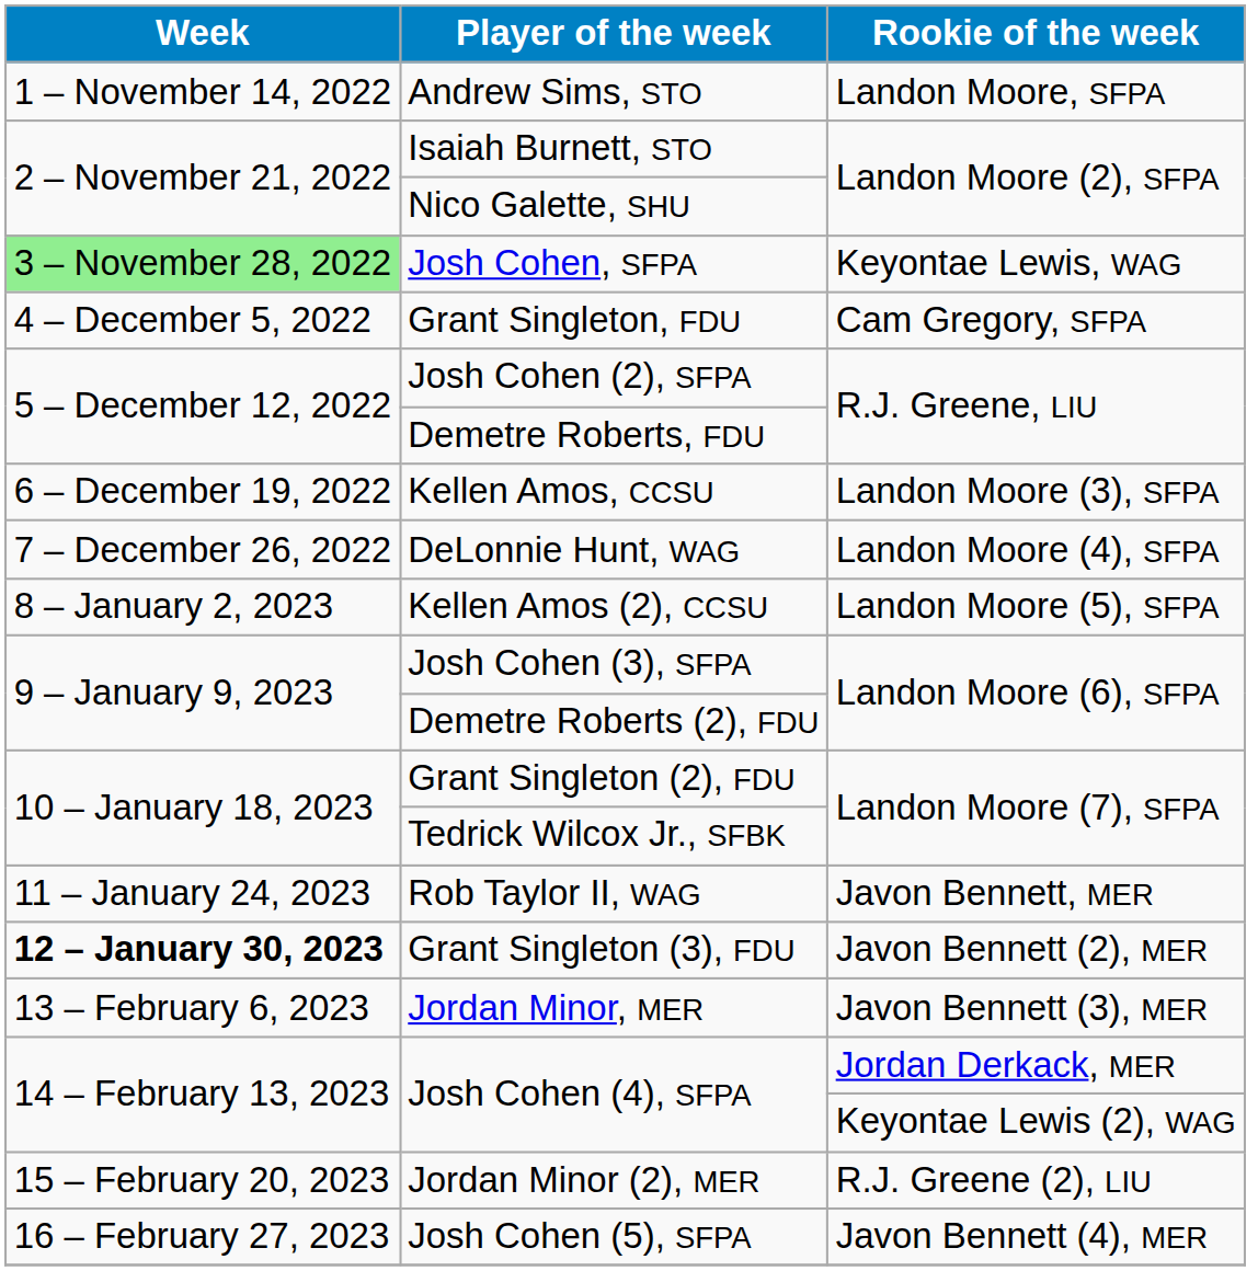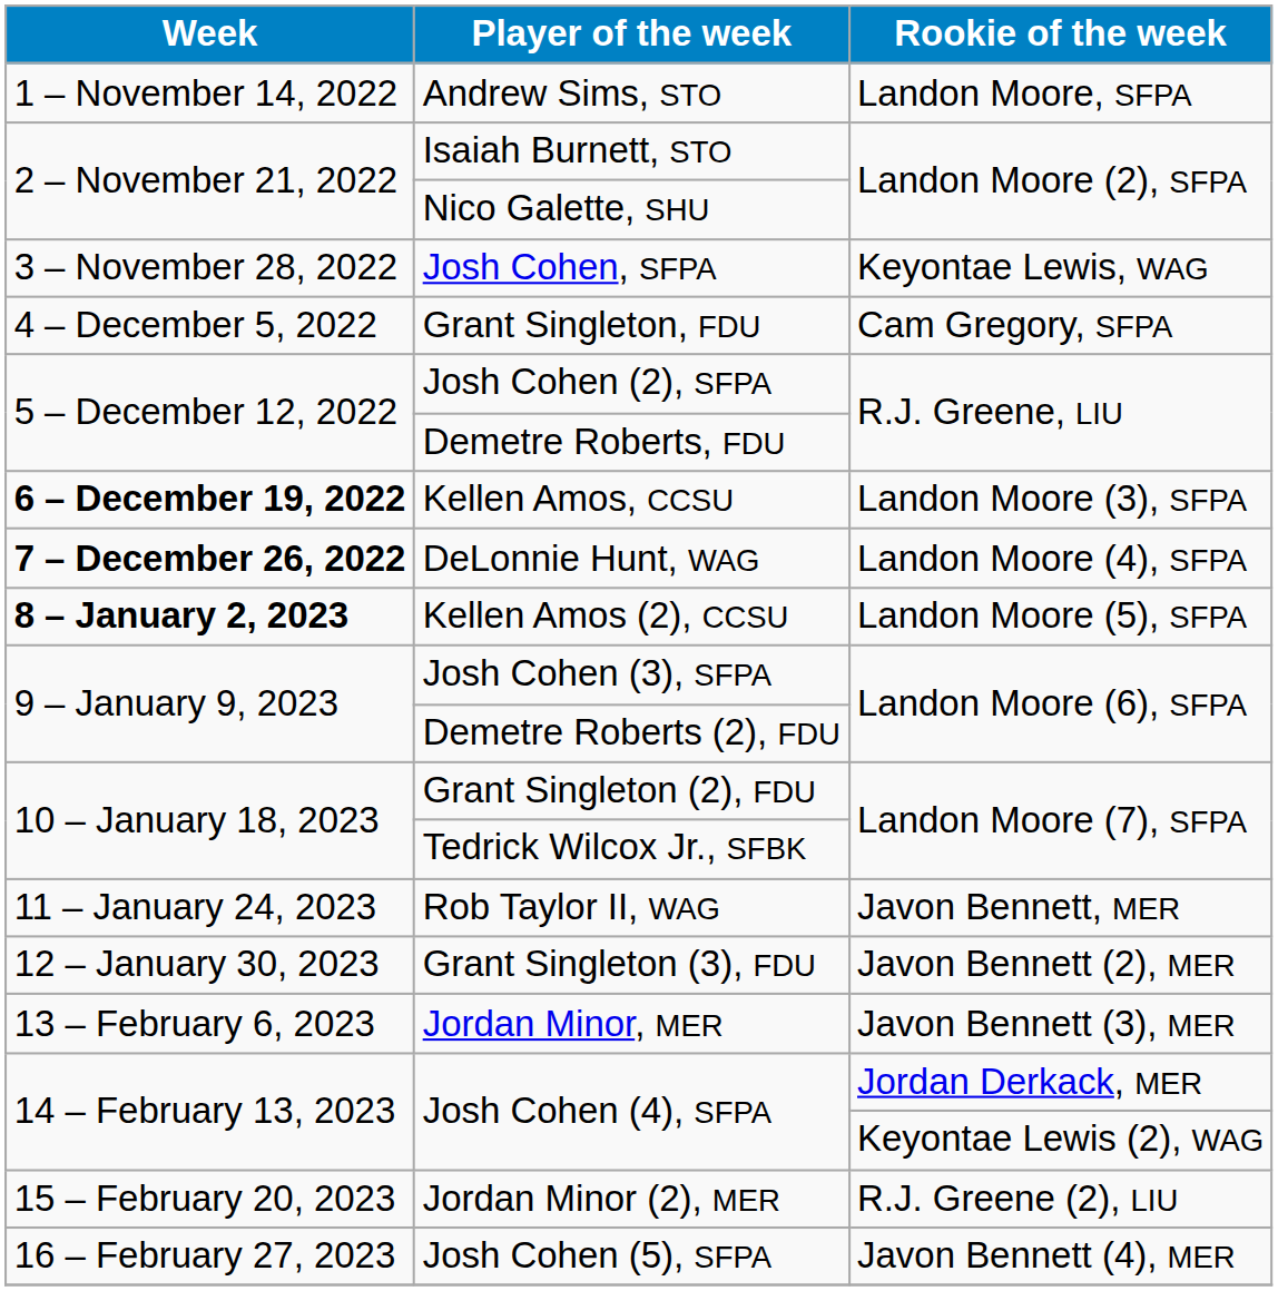 <table class="wikitable" border="1">
 <tr>
 <th align="center" style="background:#0081C4; color:#FFFFFF;">Week</th>
 <th align="center" style="background:#0081C4; color:#FFFFFF;">Player of the week</th>
 <th align="center" style="background:#0081C4; color:#FFFFFF;">Rookie of the week</th>
 </tr>
 <tr>
 <td>1 – November 14, 2022</td>
 <td>Andrew Sims, <small>STO</small></td>
 <td>Landon Moore, <small>SFPA</small></td>
 </tr>
 <tr>
 <td rowspan=2>2 – November 21, 2022</td>
 <td>Isaiah Burnett, <small>STO</small></td>
 <td rowspan=2>Landon Moore (2), <small>SFPA</small></td>
 </tr>
 <tr>
 <td>Nico Galette, <small>SHU</small></td>
 </tr>
 <tr>
-<td style="background: lightgreen;">3 – November 28, 2022</td>
+<td>3 – November 28, 2022</td>
 <td><a href='#'>Josh Cohen</a>, <small>SFPA</small></td>
 <td>Keyontae Lewis, <small>WAG</small></td>
 </tr>
 <tr>
 <td>4 – December 5, 2022</td>
 <td>Grant Singleton, <small>FDU</small></td>
 <td>Cam Gregory, <small>SFPA</small><br></td>
 </tr>
 <tr>
 <td rowspan=2>5 – December 12, 2022</td>
 <td>Josh Cohen (2), <small>SFPA</small></td>
 <td rowspan=2>R.J. Greene, <small>LIU</small></td>
 </tr>
 <tr>
 <td>Demetre Roberts, <small>FDU</small></td>
 </tr>
 <tr>
-<td>6 – December 19, 2022</td>
+<td><strong>6 – December 19, 2022</strong></td>
 <td>Kellen Amos, <small>CCSU</small></td>
 <td>Landon Moore (3), <small>SFPA</small></td>
 </tr>
 <tr>
-<td>7 – December 26, 2022</td>
+<td><strong>7 – December 26, 2022</strong></td>
 <td>DeLonnie Hunt, <small>WAG</small></td>
 <td>Landon Moore (4), <small>SFPA</small></td>
 </tr>
 <tr>
-<td>8 – January 2, 2023</td>
+<td><strong>8 – January 2, 2023</strong></td>
 <td>Kellen Amos (2), <small>CCSU</small></td>
 <td>Landon Moore (5), <small>SFPA</small></td>
 </tr>
 <tr>
 <td rowspan=2>9 – January 9, 2023</td>
 <td>Josh Cohen (3), <small>SFPA</small></td>
 <td rowspan=2>Landon Moore (6), <small>SFPA</small></td>
 </tr>
 <tr>
 <td>Demetre Roberts (2), <small>FDU</small></td>
 </tr>
 <tr>
 <td rowspan=2>10 – January 18, 2023</td>
 <td>Grant Singleton (2), <small>FDU</small></td>
 <td rowspan=2>Landon Moore (7), <small>SFPA</small></td>
 </tr>
 <tr>
 <td>Tedrick Wilcox Jr., <small>SFBK</small></td>
 </tr>
 <tr>
 <td>11 – January 24, 2023</td>
 <td>Rob Taylor II, <small>WAG</small></td>
 <td>Javon Bennett, <small>MER</small></td>
 </tr>
 <tr>
-<td><strong>12 – January 30, 2023</strong></td>
+<td>12 – January 30, 2023</td>
 <td>Grant Singleton (3), <small>FDU</small></td>
 <td>Javon Bennett (2), <small>MER</small></td>
 </tr>
 <tr>
 <td>13 – February 6, 2023</td>
 <td><a href='#'>Jordan Minor</a>, <small>MER</small></td>
 <td>Javon Bennett (3), <small>MER</small></td>
 </tr>
 <tr>
 <td rowspan=2>14 – February 13, 2023</td>
 <td rowspan=2>Josh Cohen (4), <small>SFPA</small></td>
 <td><a href='#'>Jordan Derkack</a>, <small>MER</small></td>
 </tr>
 <tr>
 <td>Keyontae Lewis (2), <small>WAG</small></td>
 </tr>
 <tr>
 <td>15 – February 20, 2023</td>
 <td>Jordan Minor (2), <small>MER</small></td>
 <td>R.J. Greene (2), <small>LIU</small></td>
 </tr>
 <tr>
 <td>16 – February 27, 2023</td>
 <td>Josh Cohen (5), <small>SFPA</small></td>
 <td>Javon Bennett (4), <small>MER</small></td>
 </tr>
 <tr>
 </tr>
 </table>
